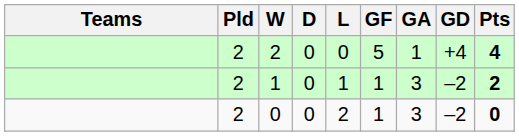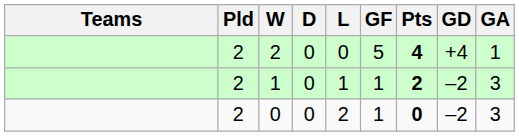 <table class="wikitable" style="text-align: center;">
 <tr>
 <th width=165>Teams</th>
 <th width=20>Pld</th>
 <th width=20>W</th>
 <th width=20>D</th>
 <th width=20>L</th>
 <th width=20>GF</th>
+<th width=20>Pts</th>
+<th width=20>GD</th>
 <th width=20>GA</th>
-<th width=20>GD</th>
-<th width=20>Pts</th>
 </tr>
 <tr align=center style="background:#ccffcc;">
 <td style="text-align:left;"></td>
 <td>2</td>
 <td>2</td>
 <td>0</td>
 <td>0</td>
 <td>5</td>
+<td><strong>4</strong></td>
+<td>+4</td>
 <td>1</td>
-<td>+4</td>
-<td><strong>4</strong></td>
 </tr>
 <tr align=center style="background:#ccffcc;">
 <td style="text-align:left;"></td>
 <td>2</td>
 <td>1</td>
 <td>0</td>
 <td>1</td>
 <td>1</td>
+<td><strong>2</strong></td>
+<td>–2</td>
 <td>3</td>
-<td>–2</td>
-<td><strong>2</strong></td>
 </tr>
 <tr align=center>
 <td style="text-align:left;"></td>
 <td>2</td>
 <td>0</td>
 <td>0</td>
 <td>2</td>
 <td>1</td>
+<td><strong>0</strong></td>
+<td>–2</td>
 <td>3</td>
-<td>–2</td>
-<td><strong>0</strong></td>
 </tr>
 </table>
